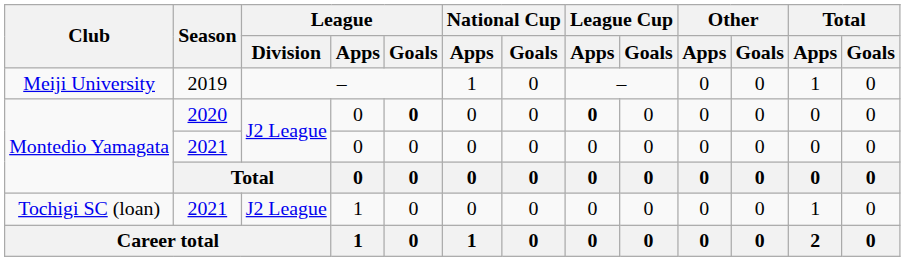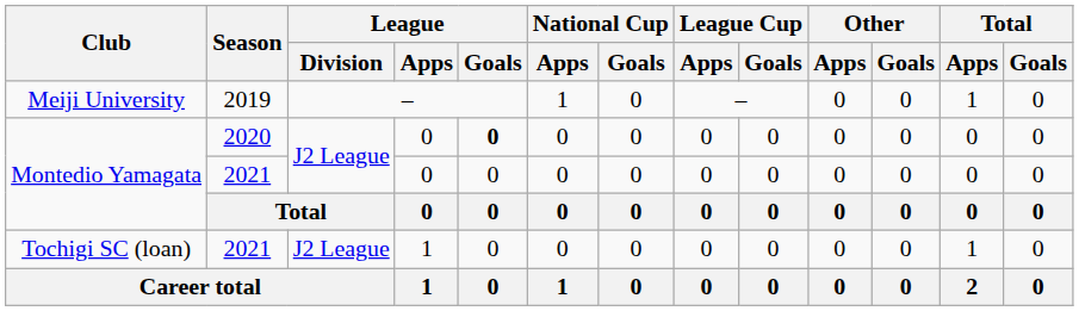 <table class="wikitable" style="text-align: center">
 <tr>
 <th rowspan="2">Club</th>
 <th rowspan="2">Season</th>
 <th colspan="3">League</th>
 <th colspan="2">National Cup</th>
 <th colspan="2">League Cup</th>
 <th colspan="2">Other</th>
 <th colspan="2">Total</th>
 </tr>
 <tr>
 <th>Division</th>
 <th>Apps</th>
 <th>Goals</th>
 <th>Apps</th>
 <th>Goals</th>
 <th>Apps</th>
 <th>Goals</th>
 <th>Apps</th>
 <th>Goals</th>
 <th>Apps</th>
 <th>Goals</th>
 </tr>
 <tr>
 <td><a href='#'>Meiji University</a></td>
 <td>2019</td>
 <td colspan="3">–</td>
 <td>1</td>
 <td>0</td>
 <td colspan="2">–</td>
 <td>0</td>
 <td>0</td>
 <td>1</td>
 <td>0</td>
 </tr>
 <tr>
 <td rowspan="3"><a href='#'>Montedio Yamagata</a></td>
 <td><a href='#'>2020</a></td>
 <td rowspan="2"><a href='#'>J2 League</a></td>
 <td>0</td>
 <td><strong>0</strong></td>
 <td>0</td>
 <td>0</td>
-<td><strong>0</strong></td>
+<td>0</td>
 <td>0</td>
 <td>0</td>
 <td>0</td>
 <td>0</td>
 <td>0</td>
 </tr>
 <tr>
 <td><a href='#'>2021</a></td>
 <td>0</td>
 <td>0</td>
 <td>0</td>
 <td>0</td>
 <td>0</td>
 <td>0</td>
 <td>0</td>
 <td>0</td>
 <td>0</td>
 <td>0</td>
 </tr>
 <tr>
 <th colspan=2>Total</th>
 <th>0</th>
 <th>0</th>
 <th>0</th>
 <th>0</th>
 <th>0</th>
 <th>0</th>
 <th>0</th>
 <th>0</th>
 <th>0</th>
 <th>0</th>
 </tr>
 <tr>
 <td><a href='#'>Tochigi SC</a> (loan)</td>
 <td><a href='#'>2021</a></td>
 <td><a href='#'>J2 League</a></td>
 <td>1</td>
 <td>0</td>
 <td>0</td>
 <td>0</td>
 <td>0</td>
 <td>0</td>
 <td>0</td>
 <td>0</td>
 <td>1</td>
 <td>0</td>
 </tr>
 <tr>
 <th colspan=3>Career total</th>
 <th>1</th>
 <th>0</th>
 <th>1</th>
 <th>0</th>
 <th>0</th>
 <th>0</th>
 <th>0</th>
 <th>0</th>
 <th>2</th>
 <th>0</th>
 </tr>
 </table>
